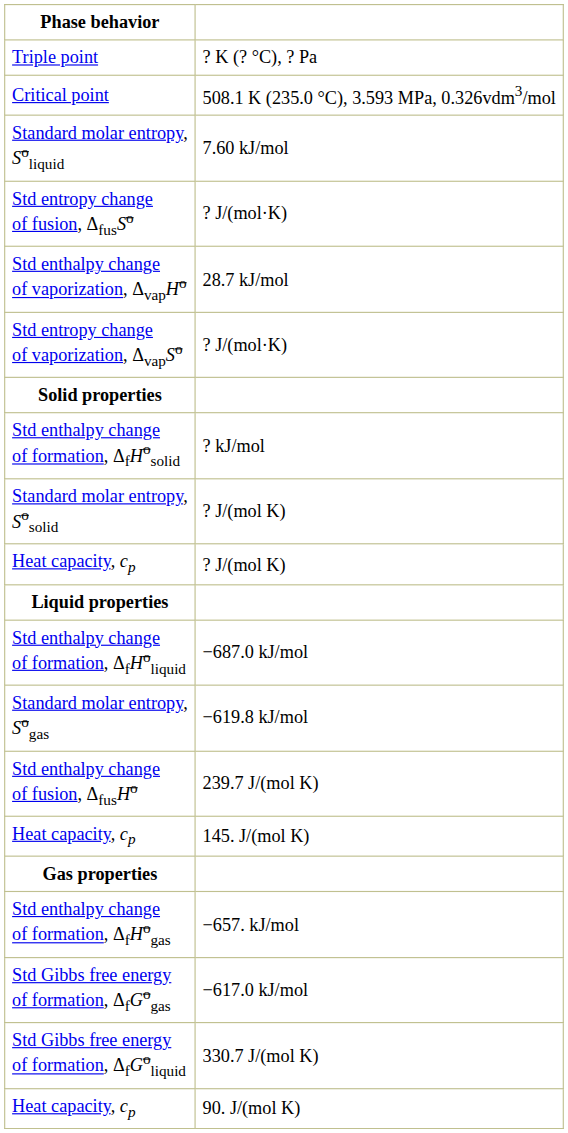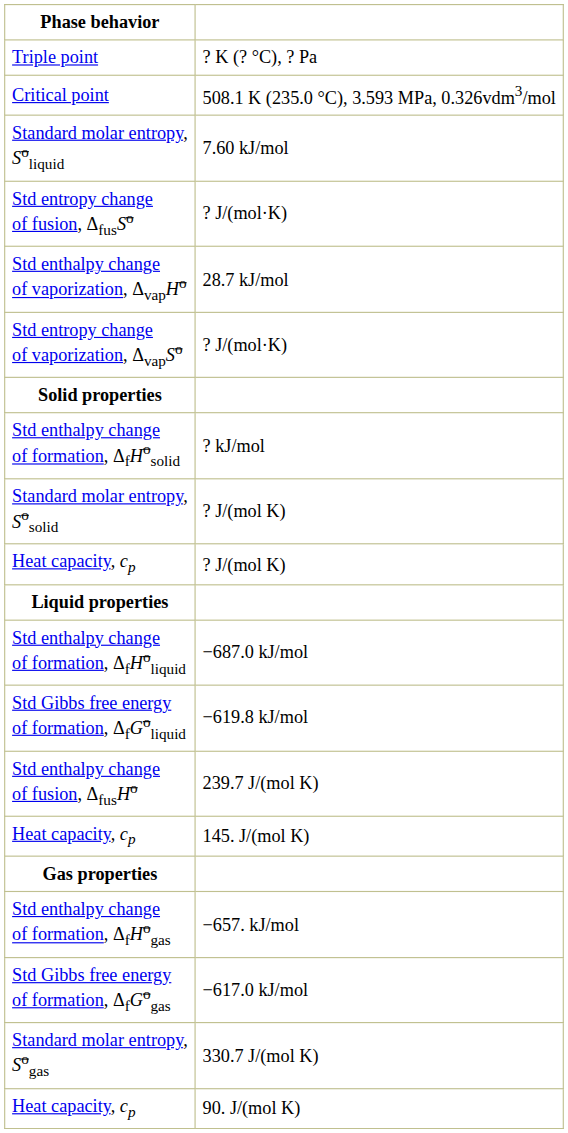 <table border="1" cellspacing="0" cellpadding="6" style="margin: 0 0 0 0.5em; background: #FFFFFF; border-collapse: collapse; border-color: #C0C090;">
 <tr>
 <th>Phase behavior</th>
 </tr>
 <tr>
 <td><a href='#'>Triple point</a></td>
 <td>? K (? °C), ? Pa</td>
 </tr>
 <tr>
 <td><a href='#'>Critical point</a></td>
 <td>508.1 K (235.0 °C), 3.593 MPa, 0.326vdm<sup>3</sup>/mol</td>
 </tr>
 <tr>
 <td><a href='#'>Standard molar entropy</a>,<br><em>S</em><sup><s>o</s></sup><sub>liquid</sub></td>
 <td>7.60 kJ/mol</td>
 </tr>
 <tr>
 <td><a href='#'>Std entropy change<br>of fusion</a>, Δ<sub>fus</sub><em>S</em><sup><s>o</s></sup></td>
 <td>? J/(mol·K)</td>
 </tr>
 <tr>
 <td><a href='#'>Std enthalpy change<br>of vaporization</a>, Δ<sub>vap</sub><em>H</em><sup><s>o</s></sup></td>
 <td>28.7 kJ/mol</td>
 </tr>
 <tr>
 <td><a href='#'>Std entropy change<br>of vaporization</a>, Δ<sub>vap</sub><em>S</em><sup><s>o</s></sup></td>
 <td>? J/(mol·K)</td>
 </tr>
 <tr>
 <th>Solid properties</th>
 </tr>
 <tr>
 <td><a href='#'>Std enthalpy change<br>of formation</a>, Δ<sub>f</sub><em>H</em><sup><s>o</s></sup><sub>solid</sub></td>
 <td>? kJ/mol</td>
 </tr>
 <tr>
 <td><a href='#'>Standard molar entropy</a>,<br><em>S</em><sup><s>o</s></sup><sub>solid</sub></td>
 <td>? J/(mol K)</td>
 </tr>
 <tr>
 <td><a href='#'>Heat capacity</a>, <em>c<sub>p</sub></em></td>
 <td>? J/(mol K)</td>
 </tr>
 <tr>
 <th>Liquid properties</th>
 </tr>
 <tr>
 <td><a href='#'>Std enthalpy change<br>of formation</a>, Δ<sub>f</sub><em>H</em><sup><s>o</s></sup><sub>liquid</sub></td>
 <td>−687.0 kJ/mol</td>
 </tr>
 <tr>
-<td><a href='#'>Standard molar entropy</a>,<br><em>S</em><sup><s>o</s></sup><sub>gas</sub></td>
+<td><a href='#'>Std Gibbs free energy<br>of formation</a>, Δ<sub>f</sub><em>G</em><sup><s>o</s></sup><sub>liquid</sub></td>
 <td>−619.8 kJ/mol</td>
 </tr>
 <tr>
 <td><a href='#'>Std enthalpy change<br>of fusion</a>, Δ<sub>fus</sub><em>H</em><sup><s>o</s></sup></td>
 <td>239.7 J/(mol K)</td>
 </tr>
 <tr>
 <td><a href='#'>Heat capacity</a>, <em>c<sub>p</sub></em></td>
 <td>145. J/(mol K)</td>
 </tr>
 <tr>
 <th>Gas properties</th>
 </tr>
 <tr>
 <td><a href='#'>Std enthalpy change<br>of formation</a>, Δ<sub>f</sub><em>H</em><sup><s>o</s></sup><sub>gas</sub></td>
 <td>−657. kJ/mol</td>
 </tr>
 <tr>
 <td><a href='#'>Std Gibbs free energy<br>of formation</a>, Δ<sub>f</sub><em>G</em><sup><s>o</s></sup><sub>gas</sub></td>
 <td>−617.0 kJ/mol</td>
 </tr>
 <tr>
-<td><a href='#'>Std Gibbs free energy<br>of formation</a>, Δ<sub>f</sub><em>G</em><sup><s>o</s></sup><sub>liquid</sub></td>
+<td><a href='#'>Standard molar entropy</a>,<br><em>S</em><sup><s>o</s></sup><sub>gas</sub></td>
 <td>330.7 J/(mol K)</td>
 </tr>
 <tr>
 <td><a href='#'>Heat capacity</a>, <em>c<sub>p</sub></em></td>
 <td>90. J/(mol K)</td>
 </tr>
 <tr>
 </tr>
 </table>
